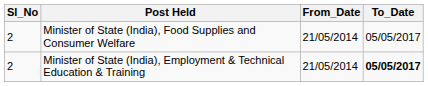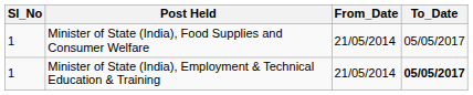 <table class="wikitable">
 <tr>
 <th>Sl_No</th>
 <th>Post Held</th>
 <th>From_Date</th>
 <th>To_Date</th>
 </tr>
 <tr>
-<td>2</td>
+<td>1</td>
 <td>Minister of State (India), Food Supplies and Consumer Welfare</td>
 <td>21/05/2014</td>
 <td>05/05/2017</td>
 </tr>
 <tr>
-<td>2</td>
+<td>1</td>
 <td>Minister of State (India), Employment & Technical Education & Training</td>
 <td>21/05/2014</td>
 <td><strong>05/05/2017</strong></td>
 </tr>
 </table>
